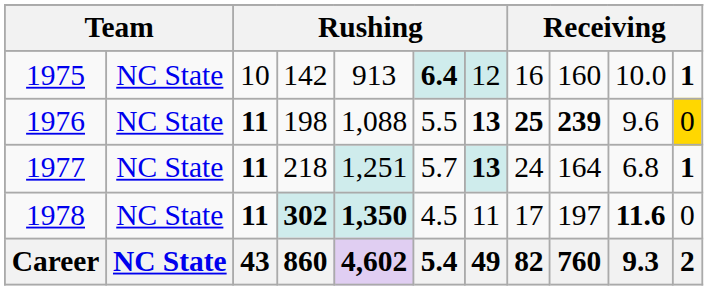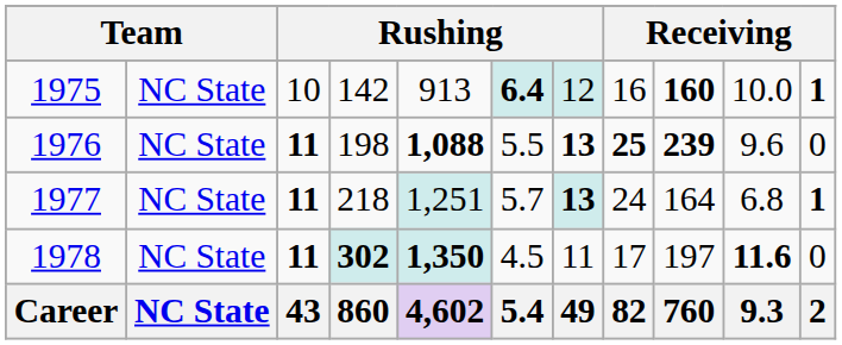 <table class="wikitable" style="text-align:center;">
 <tr>
 </tr>
 <tr>
 <th colspan=2>Team</th>
 <th colspan=5>Rushing</th>
 <th colspan=5>Receiving</th>
 </tr>
 <tr>
 <td><a href='#'>1975</a></td>
 <td><a href='#'>NC State</a></td>
 <td>10</td>
 <td>142</td>
 <td>913</td>
 <td style="background:#cfecec;"><strong>6.4</strong></td>
 <td style="background:#cfecec;">12</td>
 <td>16</td>
-<td>160</td>
+<td><strong>160</strong></td>
 <td>10.0</td>
 <td><strong>1</strong></td>
 </tr>
 <tr>
 <td><a href='#'>1976</a></td>
 <td><a href='#'>NC State</a></td>
 <td><strong>11</strong></td>
 <td>198</td>
-<td>1,088</td>
+<td><strong>1,088</strong></td>
 <td>5.5</td>
 <td><strong>13</strong></td>
 <td><strong>25</strong></td>
 <td><strong>239</strong></td>
 <td>9.6</td>
-<td style="background: gold;">0</td>
+<td>0</td>
 </tr>
 <tr>
 <td><a href='#'>1977</a></td>
 <td><a href='#'>NC State</a></td>
 <td><strong>11</strong></td>
 <td>218</td>
 <td style="background:#cfecec;">1,251</td>
 <td>5.7</td>
 <td style="background:#cfecec;"><strong>13</strong></td>
 <td>24</td>
 <td>164</td>
 <td>6.8</td>
 <td><strong>1</strong></td>
 </tr>
 <tr>
 <td><a href='#'>1978</a></td>
 <td><a href='#'>NC State</a></td>
 <td><strong>11</strong></td>
 <td style="background:#cfecec;"><strong>302</strong></td>
 <td style="background:#cfecec;"><strong>1,350</strong></td>
 <td>4.5</td>
 <td>11</td>
 <td>17</td>
 <td>197</td>
 <td><strong>11.6</strong></td>
 <td>0</td>
 </tr>
 <tr>
 <th>Career</th>
 <th><a href='#'>NC State</a></th>
 <th>43</th>
 <th>860</th>
 <th style="background:#E0CEF2;">4,602</th>
 <th>5.4</th>
 <th>49</th>
 <th>82</th>
 <th>760</th>
 <th>9.3</th>
 <th>2</th>
 </tr>
 </table>
